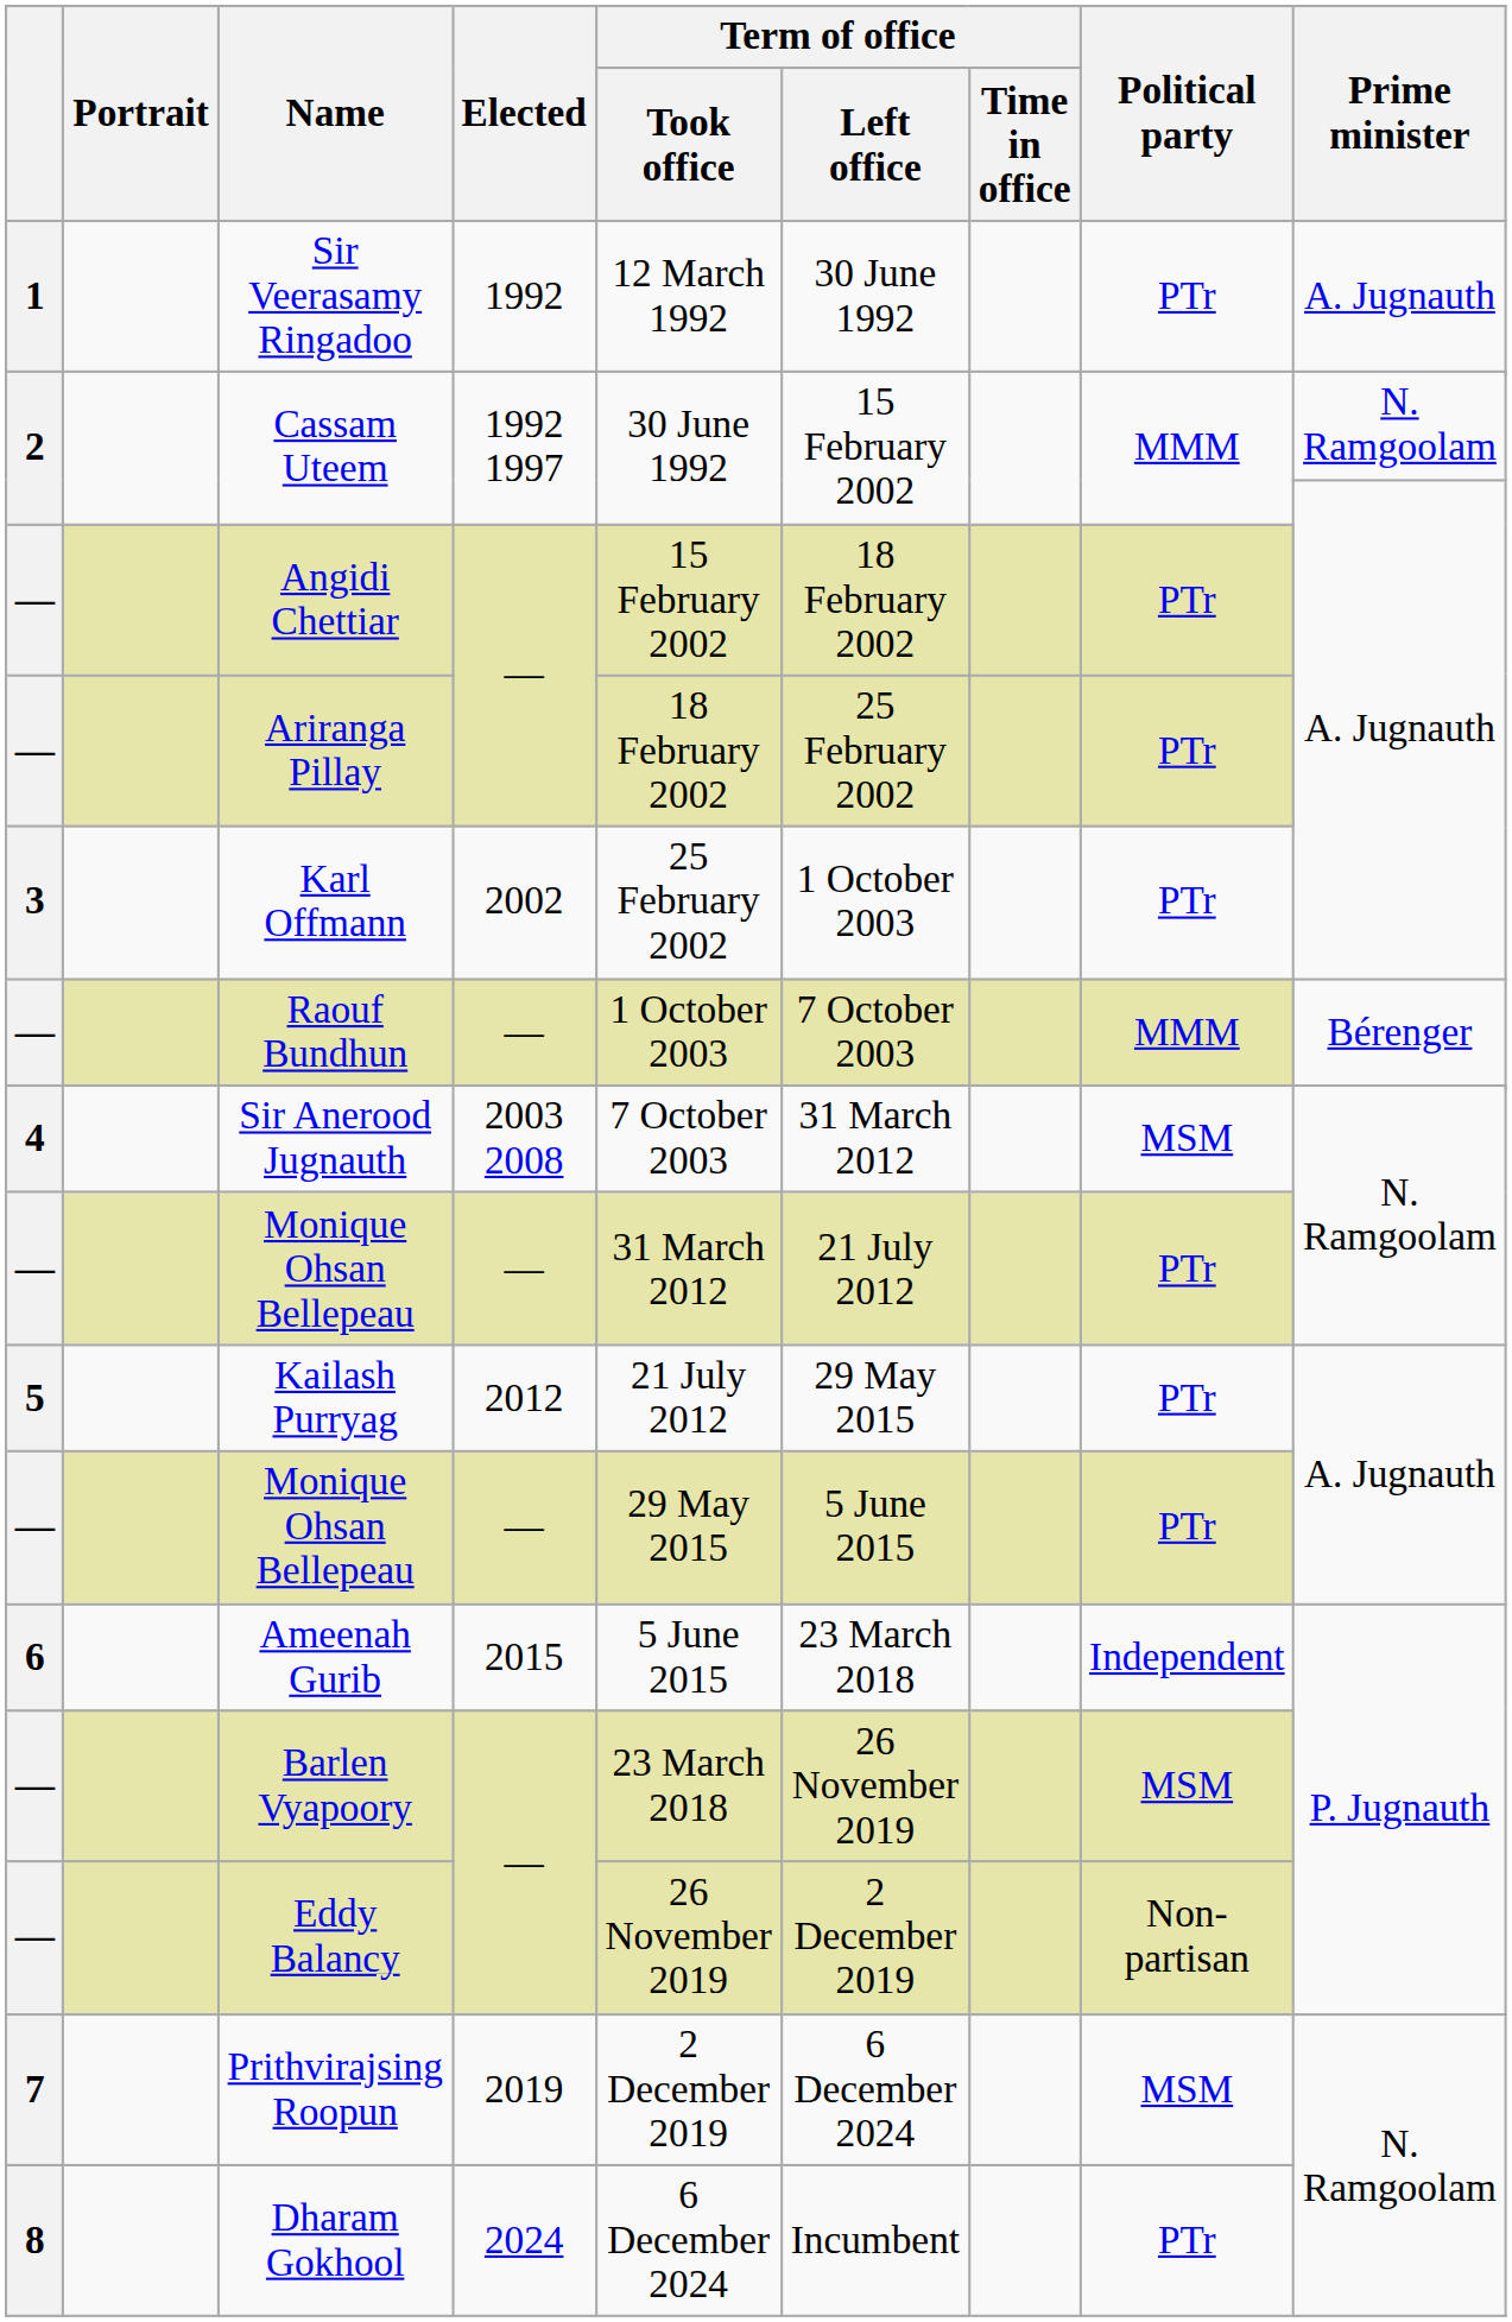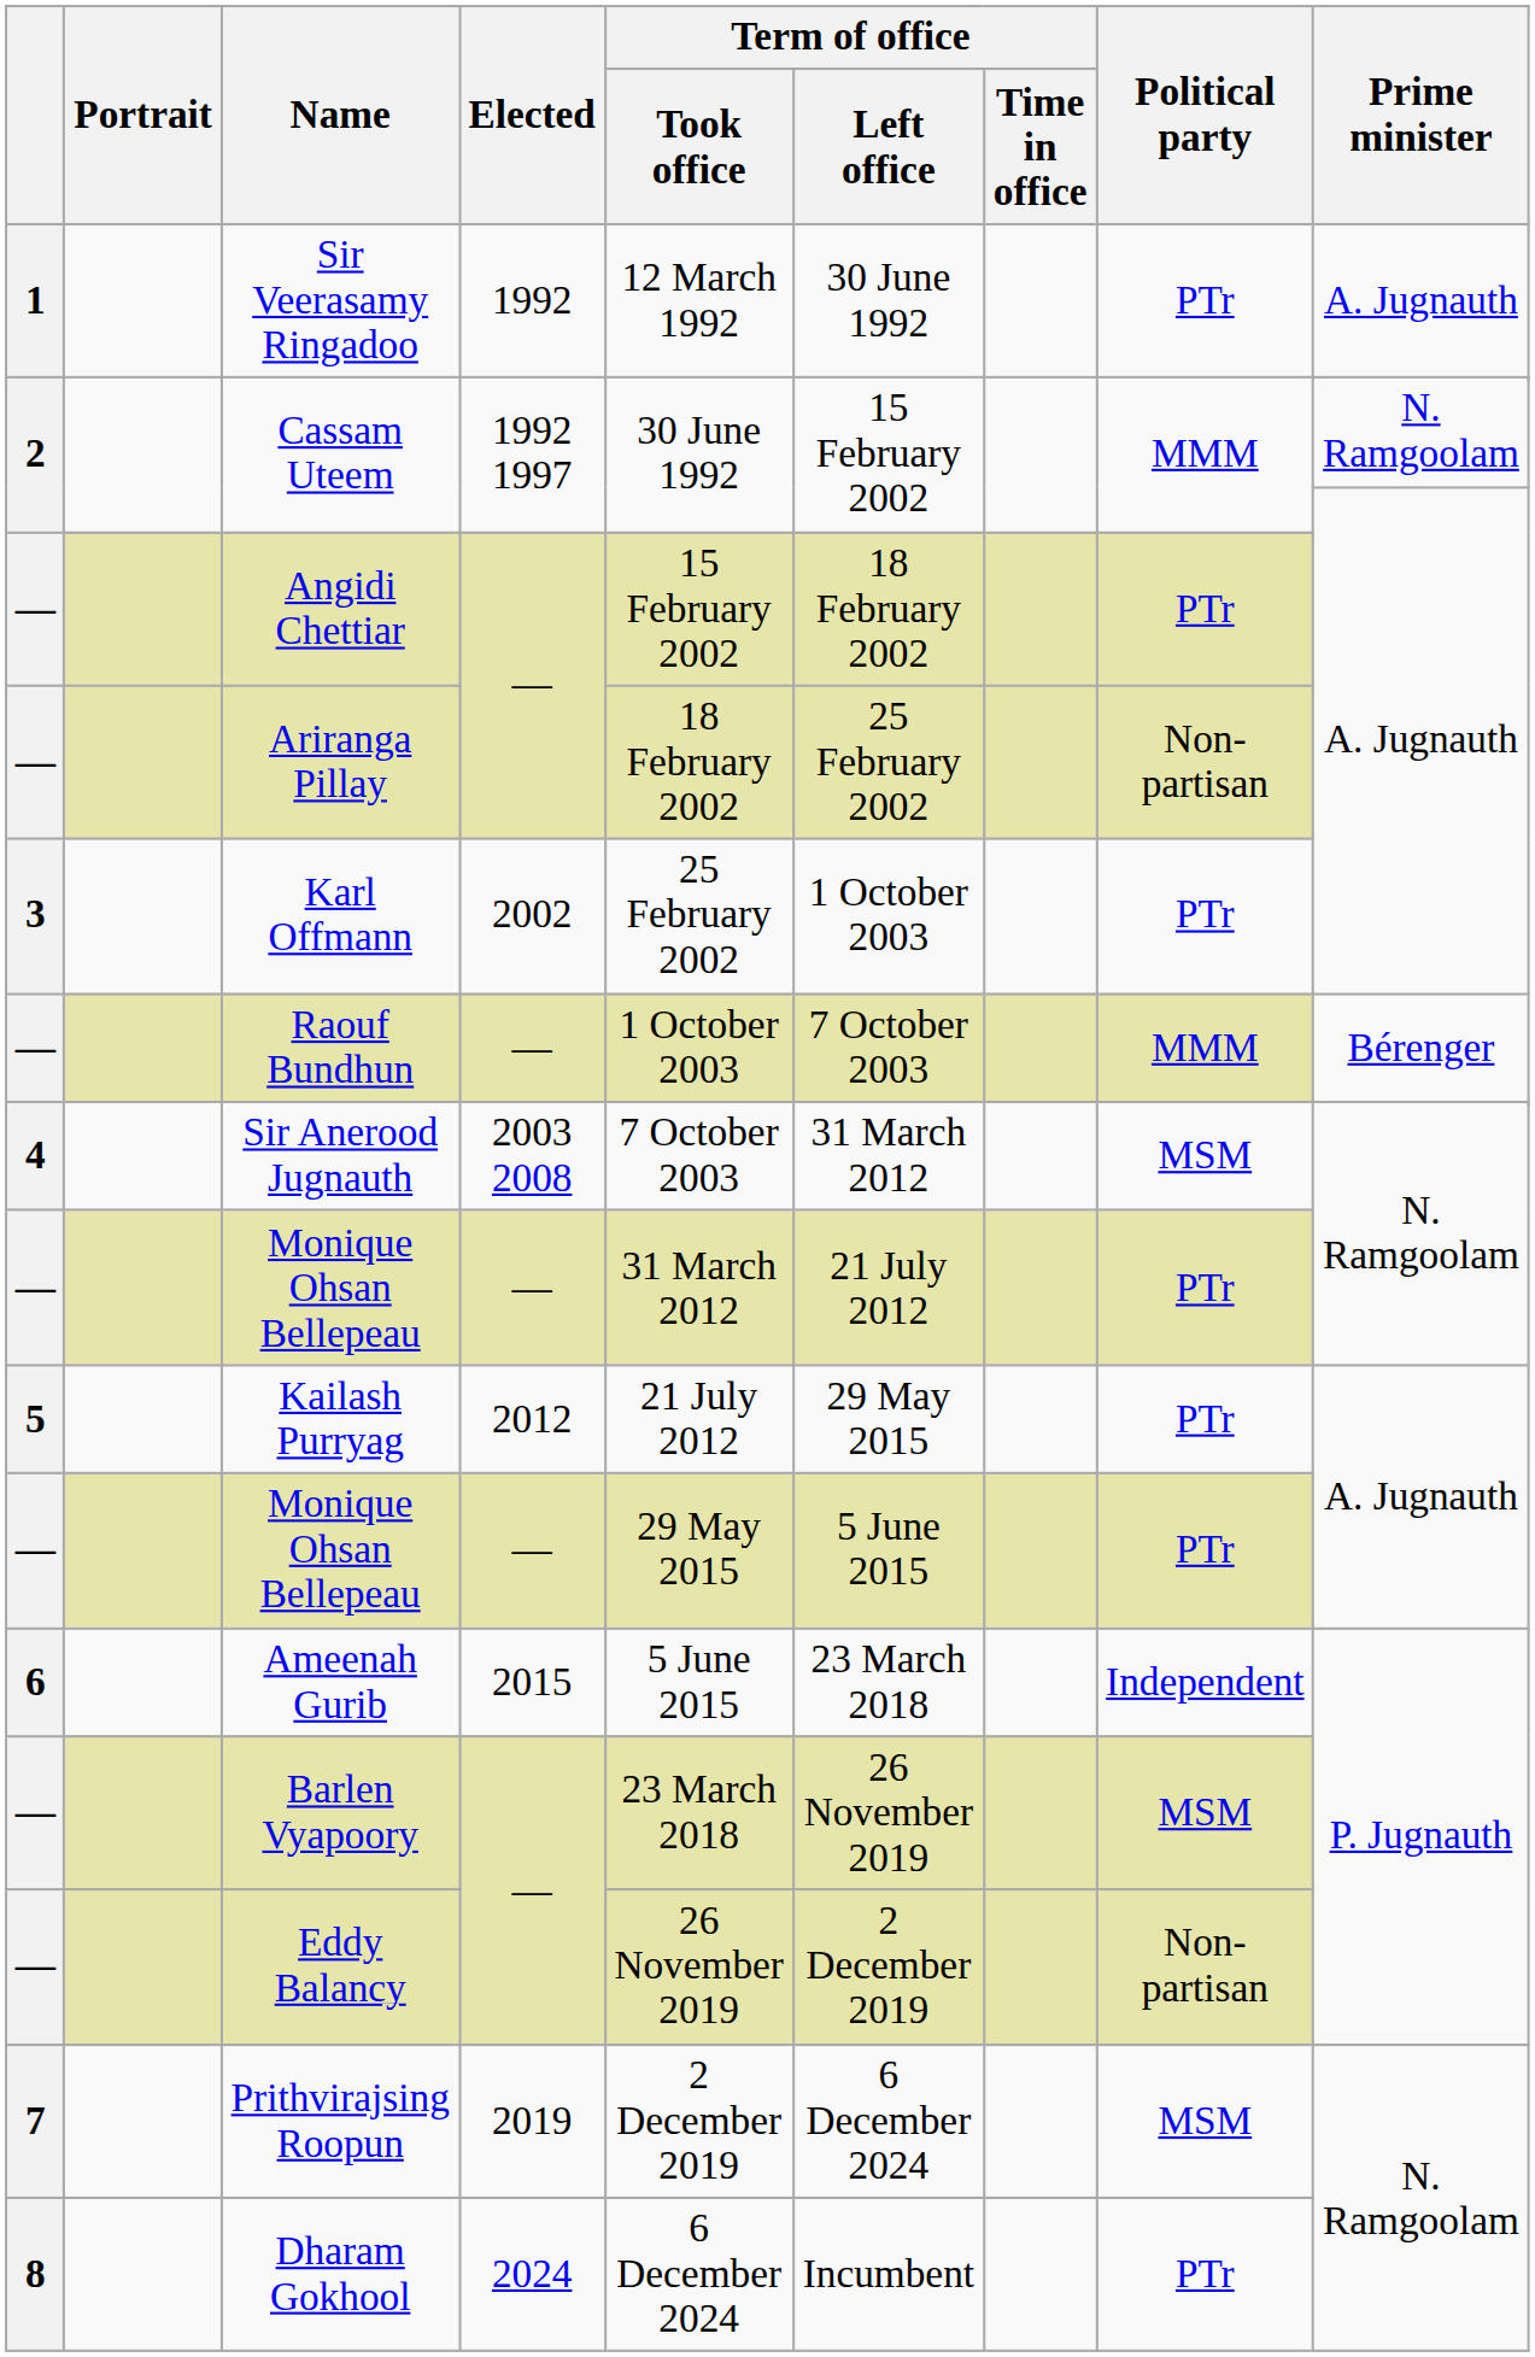 <table class="wikitable" style="text-align:center">
 <tr>
 <th rowspan="2"></th>
 <th rowspan="2">Portrait</th>
 <th rowspan="2">Name<br></th>
 <th rowspan="2">Elected</th>
 <th colspan="3">Term of office</th>
 <th rowspan="2">Political party</th>
 <th rowspan="2">Prime minister</th>
 </tr>
 <tr>
 <th>Took office</th>
 <th>Left office</th>
 <th>Time in office</th>
 </tr>
 <tr>
 <th style="background:">1</th>
 <td></td>
 <td><a href='#'>Sir Veerasamy Ringadoo</a><br></td>
 <td>1992</td>
 <td>12 March 1992</td>
 <td>30 June 1992</td>
 <td></td>
 <td><a href='#'>PTr</a></td>
 <td rowspan=2><a href='#'>A. Jugnauth</a></td>
 </tr>
 <tr>
 <th rowspan=3 style="background:">2</th>
 <td rowspan=3></td>
 <td rowspan=3><a href='#'>Cassam Uteem</a><br></td>
 <td rowspan=3>1992<br>1997</td>
 <td rowspan=3>30 June 1992</td>
 <td rowspan=3>15 February 2002</td>
 <td rowspan=3></td>
 <td rowspan=3><a href='#'>MMM</a></td>
 </tr>
 <tr>
 <td><a href='#'>N. Ramgoolam</a></td>
 </tr>
 <tr>
 <td rowspan=4>A. Jugnauth</td>
 </tr>
 <tr>
 <th style="background:">—</th>
 <td style="background:#e6e6aa;"></td>
 <td style="background:#e6e6aa;"><a href='#'>Angidi Chettiar</a><br></td>
 <td rowspan=2 style="background:#e6e6aa;">—</td>
 <td style="background:#e6e6aa;">15 February 2002</td>
 <td style="background:#e6e6aa;">18 February 2002</td>
 <td style="background:#e6e6aa;"></td>
 <td style="background:#e6e6aa;"><a href='#'>PTr</a></td>
 </tr>
 <tr>
 <th style="background:">—</th>
 <td style="background:#e6e6aa;"></td>
 <td style="background:#e6e6aa;"><a href='#'>Ariranga Pillay</a><br></td>
 <td style="background:#e6e6aa;">18 February 2002</td>
 <td style="background:#e6e6aa;">25 February 2002</td>
 <td style="background:#e6e6aa;"></td>
-<td style="background:#e6e6aa;"><a href='#'>PTr</a></td>
+<td style="background:#e6e6aa;">Non-partisan</td>
 </tr>
 <tr>
 <th style="background:">3</th>
 <td></td>
 <td><a href='#'>Karl Offmann</a><br></td>
 <td>2002</td>
 <td>25 February 2002</td>
 <td>1 October 2003</td>
 <td></td>
 <td><a href='#'>PTr</a></td>
 </tr>
 <tr>
 <th style="background:">—</th>
 <td style="background:#e6e6aa;"></td>
 <td style="background:#e6e6aa;"><a href='#'>Raouf Bundhun</a><br></td>
 <td style="background:#e6e6aa;">—</td>
 <td style="background:#e6e6aa;">1 October 2003</td>
 <td style="background:#e6e6aa;">7 October 2003</td>
 <td style="background:#e6e6aa;"></td>
 <td style="background:#e6e6aa;"><a href='#'>MMM</a></td>
 <td rowspan=2><a href='#'>Bérenger</a></td>
 </tr>
 <tr>
 <th rowspan=2 style="background:">4</th>
 <td rowspan=2></td>
 <td rowspan=2><a href='#'>Sir Anerood Jugnauth</a><br></td>
 <td rowspan=2>2003<br><a href='#'>2008</a></td>
 <td rowspan=2>7 October 2003</td>
 <td rowspan=2>31 March 2012</td>
 <td rowspan=2></td>
 <td rowspan=2><a href='#'>MSM</a></td>
 </tr>
 <tr>
 <td rowspan=3>N. Ramgoolam</td>
 </tr>
 <tr>
 <th style="background:">—</th>
 <td style="background:#e6e6aa;"></td>
 <td style="background:#e6e6aa;"><a href='#'>Monique Ohsan Bellepeau</a><br></td>
 <td style="background:#e6e6aa;">—</td>
 <td style="background:#e6e6aa;">31 March 2012</td>
 <td style="background:#e6e6aa;">21 July 2012</td>
 <td style="background:#e6e6aa;"></td>
 <td style="background:#e6e6aa;"><a href='#'>PTr</a></td>
 </tr>
 <tr>
 <th rowspan=2 style="background:">5</th>
 <td rowspan=2></td>
 <td rowspan=2><a href='#'>Kailash Purryag</a><br></td>
 <td rowspan=2>2012</td>
 <td rowspan=2>21 July 2012</td>
 <td rowspan=2>29 May 2015</td>
 <td rowspan=2></td>
 <td rowspan=2><a href='#'>PTr</a></td>
 </tr>
 <tr>
 <td rowspan=3>A. Jugnauth</td>
 </tr>
 <tr>
 <th style="background:">—</th>
 <td style="background:#e6e6aa;"></td>
 <td style="background:#e6e6aa;"><a href='#'>Monique Ohsan Bellepeau</a><br></td>
 <td style="background:#e6e6aa;">—</td>
 <td style="background:#e6e6aa;">29 May 2015</td>
 <td style="background:#e6e6aa;">5 June 2015</td>
 <td style="background:#e6e6aa;"></td>
 <td style="background:#e6e6aa;"><a href='#'>PTr</a></td>
 </tr>
 <tr>
 <th rowspan=2 style="background:">6</th>
 <td rowspan=2></td>
 <td rowspan=2><a href='#'>Ameenah Gurib</a><br></td>
 <td rowspan=2>2015</td>
 <td rowspan=2>5 June 2015</td>
 <td rowspan=2>23 March 2018</td>
 <td rowspan=2></td>
 <td rowspan=2><a href='#'>Independent</a></td>
 </tr>
 <tr>
 <td rowspan=4><a href='#'>P. Jugnauth</a></td>
 </tr>
 <tr>
 <th style="background:">—</th>
 <td style="background:#e6e6aa;"></td>
 <td style="background:#e6e6aa;"><a href='#'>Barlen Vyapoory</a><br></td>
 <td rowspan="2" style="background:#e6e6aa;">—</td>
 <td style="background:#e6e6aa;">23 March 2018</td>
 <td style="background:#e6e6aa;">26 November 2019</td>
 <td style="background:#e6e6aa;"></td>
 <td style="background:#e6e6aa;"><a href='#'>MSM</a></td>
 </tr>
 <tr>
 <th style="background:">—</th>
 <td style="background:#e6e6aa;"></td>
 <td style="background:#e6e6aa;"><a href='#'>Eddy Balancy</a><br></td>
 <td style="background:#e6e6aa;">26 November 2019</td>
 <td style="background:#e6e6aa;">2 December 2019</td>
 <td style="background:#e6e6aa;"></td>
 <td style="background:#e6e6aa;">Non-partisan</td>
 </tr>
 <tr>
 <th rowspan=2 style="background:">7</th>
 <td rowspan=2></td>
 <td rowspan=2><a href='#'>Prithvirajsing Roopun</a><br></td>
 <td rowspan=2>2019</td>
 <td rowspan=2>2 December 2019</td>
 <td rowspan=2>6 December 2024</td>
 <td rowspan=2></td>
 <td rowspan=2><a href='#'>MSM</a></td>
 </tr>
 <tr>
 <td rowspan=2>N. Ramgoolam</td>
 </tr>
 <tr>
 <th style="background:">8</th>
 <td></td>
 <td><a href='#'>Dharam Gokhool</a><br></td>
 <td><a href='#'>2024</a></td>
 <td>6 December 2024</td>
 <td>Incumbent</td>
 <td></td>
 <td><a href='#'>PTr</a></td>
 </tr>
 </table>
